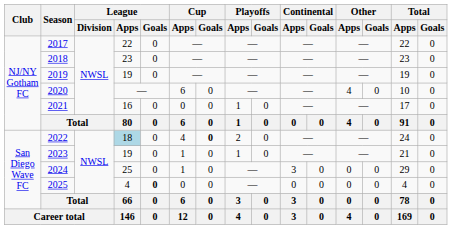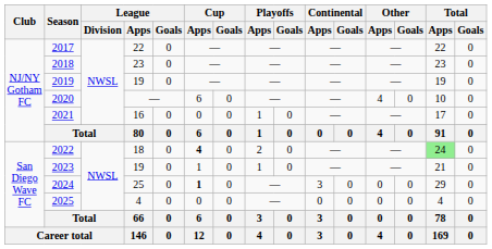 <table class="wikitable" style="text-align: center;">
 <tr>
 <th rowspan="2">Club</th>
 <th rowspan="2">Season</th>
 <th colspan="3">League</th>
 <th colspan="2">Cup</th>
 <th colspan="2">Playoffs</th>
 <th colspan="2">Continental</th>
 <th colspan="2">Other</th>
 <th colspan="2">Total</th>
 </tr>
 <tr>
 <th>Division</th>
 <th>Apps</th>
 <th>Goals</th>
 <th>Apps</th>
 <th>Goals</th>
 <th>Apps</th>
 <th>Goals</th>
 <th>Apps</th>
 <th>Goals</th>
 <th>Apps</th>
 <th>Goals</th>
 <th>Apps</th>
 <th>Goals</th>
 </tr>
 <tr>
 <td rowspan="6"><a href='#'>NJ/NY Gotham FC</a></td>
 <td><a href='#'>2017</a></td>
 <td rowspan="5"><a href='#'>NWSL</a></td>
 <td>22</td>
 <td>0</td>
 <td colspan="2">—</td>
 <td colspan="2">—</td>
 <td colspan="2">—</td>
 <td colspan="2">—</td>
 <td>22</td>
 <td>0</td>
 </tr>
 <tr>
 <td><a href='#'>2018</a></td>
 <td>23</td>
 <td>0</td>
 <td colspan="2">—</td>
 <td colspan="2">—</td>
 <td colspan="2">—</td>
 <td colspan="2">—</td>
 <td>23</td>
 <td>0</td>
 </tr>
 <tr>
 <td><a href='#'>2019</a></td>
 <td>19</td>
 <td>0</td>
 <td colspan="2">—</td>
 <td colspan="2">—</td>
 <td colspan="2">—</td>
 <td colspan="2">—</td>
 <td>19</td>
 <td>0</td>
 </tr>
 <tr>
 <td><a href='#'>2020</a></td>
 <td colspan="2">—</td>
 <td>6</td>
 <td>0</td>
 <td colspan="2">—</td>
 <td colspan="2">—</td>
 <td>4</td>
 <td>0</td>
 <td>10</td>
 <td>0</td>
 </tr>
 <tr>
 <td><a href='#'>2021</a></td>
 <td>16</td>
 <td>0</td>
 <td>0</td>
 <td>0</td>
 <td>1</td>
 <td>0</td>
 <td colspan="2">—</td>
 <td colspan="2">—</td>
 <td>17</td>
 <td>0</td>
 </tr>
 <tr>
 <th colspan="2">Total</th>
 <th>80</th>
 <th>0</th>
 <th>6</th>
 <th>0</th>
 <th>1</th>
 <th>0</th>
 <th>0</th>
 <th>0</th>
 <th>4</th>
 <th>0</th>
 <th>91</th>
 <th>0</th>
 </tr>
 <tr>
 <td rowspan="5"><a href='#'>San Diego Wave FC</a></td>
 <td><a href='#'>2022</a></td>
 <td rowspan="4"><a href='#'>NWSL</a></td>
-<td style="background: lightblue;">18</td>
+<td>18</td>
 <td>0</td>
-<td>4</td>
-<td><strong>0</strong></td>
+<td><strong>4</strong></td>
+<td>0</td>
 <td>2</td>
 <td>0</td>
 <td colspan="2">—</td>
 <td colspan="2">—</td>
-<td>24</td>
+<td style="background: lightgreen;">24</td>
 <td>0</td>
 </tr>
 <tr>
 <td><a href='#'>2023</a></td>
 <td>19</td>
 <td>0</td>
 <td>1</td>
 <td>0</td>
 <td>1</td>
 <td>0</td>
 <td colspan="2">—</td>
 <td colspan="2">—</td>
 <td>21</td>
 <td>0</td>
 </tr>
 <tr>
 <td><a href='#'>2024</a></td>
 <td>25</td>
 <td>0</td>
-<td>1</td>
+<td><strong>1</strong></td>
 <td>0</td>
 <td colspan="2">—</td>
 <td>3</td>
 <td>0</td>
 <td>0</td>
 <td>0</td>
 <td>29</td>
 <td>0</td>
 </tr>
 <tr>
 <td><a href='#'>2025</a></td>
 <td>4</td>
-<td><strong>0</strong></td>
+<td>0</td>
 <td>0</td>
 <td>0</td>
 <td colspan="2">—</td>
 <td>0</td>
 <td>0</td>
 <td>0</td>
 <td>0</td>
 <td>4</td>
 <td>0</td>
 </tr>
 <tr>
 <th colspan="2">Total</th>
 <th>66</th>
 <th>0</th>
 <th>6</th>
 <th>0</th>
 <th>3</th>
 <th>0</th>
 <th>3</th>
 <th>0</th>
 <th>0</th>
 <th>0</th>
 <th>78</th>
 <th>0</th>
 </tr>
 <tr>
 <th colspan="3">Career total</th>
 <th>146</th>
 <th>0</th>
 <th>12</th>
 <th>0</th>
 <th>4</th>
 <th>0</th>
 <th>3</th>
 <th>0</th>
 <th>4</th>
 <th>0</th>
 <th>169</th>
 <th>0</th>
 </tr>
 </table>
